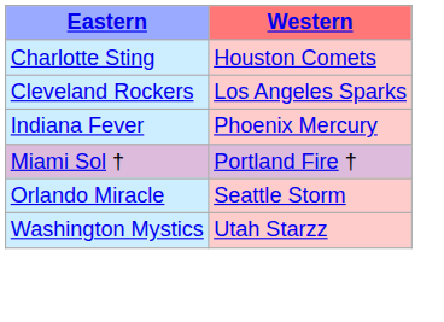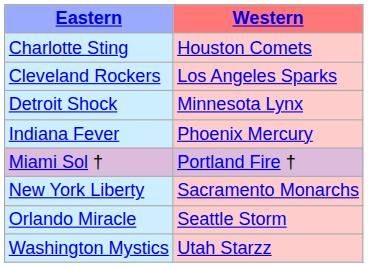 <table class="wikitable">
 <tr>
 <th style="background-color: #9AF;"><a href='#'>Eastern</a></th>
 <th style="background-color: #F77;"><a href='#'>Western</a></th>
 </tr>
 <tr>
 <td style="background-color: #CEF;"><a href='#'>Charlotte Sting</a></td>
 <td style="background-color: #FCC;"><a href='#'>Houston Comets</a></td>
 </tr>
 <tr>
 <td style="background-color: #CEF;"><a href='#'>Cleveland Rockers</a></td>
 <td style="background-color: #FCC;"><a href='#'>Los Angeles Sparks</a></td>
 </tr>
 <tr>
+<td style="background-color: #CEF;"><a href='#'>Detroit Shock</a></td>
+<td style="background-color: #FCC;"><a href='#'>Minnesota Lynx</a></td>
+</tr>
+<tr>
 <td style="background-color: #CEF;"><a href='#'>Indiana Fever</a></td>
 <td style="background-color: #FCC;"><a href='#'>Phoenix Mercury</a></td>
 </tr>
 <tr>
 <td style="background-color: #DBD;"><a href='#'>Miami Sol</a> †</td>
 <td style="background-color: #DBD;"><a href='#'>Portland Fire</a> †</td>
+</tr>
+<tr>
+<td style="background-color: #CEF;"><a href='#'>New York Liberty</a></td>
+<td style="background-color: #FCC;"><a href='#'>Sacramento Monarchs</a></td>
 </tr>
 <tr>
 <td style="background-color: #CEF;"><a href='#'>Orlando Miracle</a></td>
 <td style="background-color: #FCC;"><a href='#'>Seattle Storm</a></td>
 </tr>
 <tr>
 <td style="background-color: #CEF;"><a href='#'>Washington Mystics</a></td>
 <td style="background-color: #FCC;"><a href='#'>Utah Starzz</a></td>
 </tr>
 </table>
